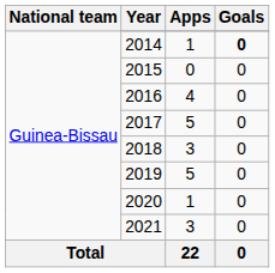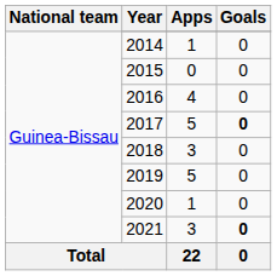 <table class="wikitable" style="text-align:center">
 <tr>
 <th>National team</th>
 <th>Year</th>
 <th>Apps</th>
 <th>Goals</th>
 </tr>
 <tr>
 <td rowspan="9"><a href='#'>Guinea-Bissau</a></td>
 </tr>
 <tr>
 <td>2014</td>
 <td>1</td>
-<td><strong>0</strong></td>
+<td>0</td>
 </tr>
 <tr>
 <td>2015</td>
 <td>0</td>
 <td>0</td>
 </tr>
 <tr>
 <td>2016</td>
 <td>4</td>
 <td>0</td>
 </tr>
 <tr>
 <td>2017</td>
 <td>5</td>
-<td>0</td>
+<td><strong>0</strong></td>
 </tr>
 <tr>
 <td>2018</td>
 <td>3</td>
 <td>0</td>
 </tr>
 <tr>
 <td>2019</td>
 <td>5</td>
 <td>0</td>
 </tr>
 <tr>
 <td>2020</td>
 <td>1</td>
 <td>0</td>
 </tr>
 <tr>
 <td>2021</td>
 <td>3</td>
-<td>0</td>
+<td><strong>0</strong></td>
 </tr>
 <tr>
 <th colspan="2">Total</th>
 <th>22</th>
 <th>0</th>
 </tr>
 </table>
